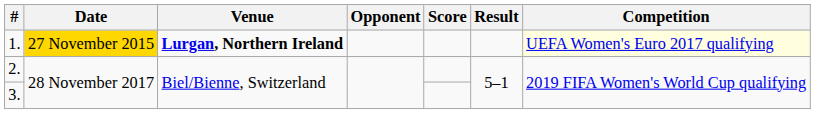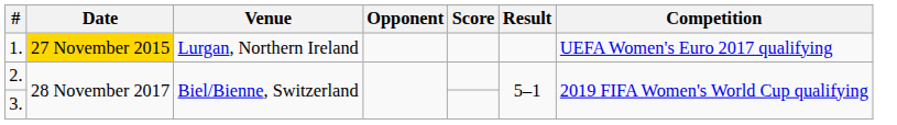 <table class="wikitable sortable">
 <tr>
 <th>#</th>
 <th>Date</th>
 <th>Venue</th>
 <th>Opponent</th>
 <th>Score</th>
 <th>Result</th>
 <th>Competition</th>
 </tr>
 <tr>
 <td>1.</td>
 <td style="background: gold;">27 November 2015</td>
-<td><strong><a href='#'>Lurgan</a>, Northern Ireland</strong></td>
+<td><a href='#'>Lurgan</a>, Northern Ireland</td>
 <td></td>
 <td></td>
 <td></td>
-<td style="background: lightyellow;"><a href='#'>UEFA Women's Euro 2017 qualifying</a></td>
+<td><a href='#'>UEFA Women's Euro 2017 qualifying</a></td>
 </tr>
 <tr>
 <td>2.</td>
 <td rowspan=2>28 November 2017</td>
 <td rowspan=2><a href='#'>Biel/Bienne</a>, Switzerland</td>
 <td rowspan=2></td>
 <td></td>
 <td rowspan=2 style="text-align:center;">5–1</td>
 <td rowspan=2><a href='#'>2019 FIFA Women's World Cup qualifying</a></td>
 </tr>
 <tr>
 <td>3.</td>
 <td></td>
 </tr>
 </table>
